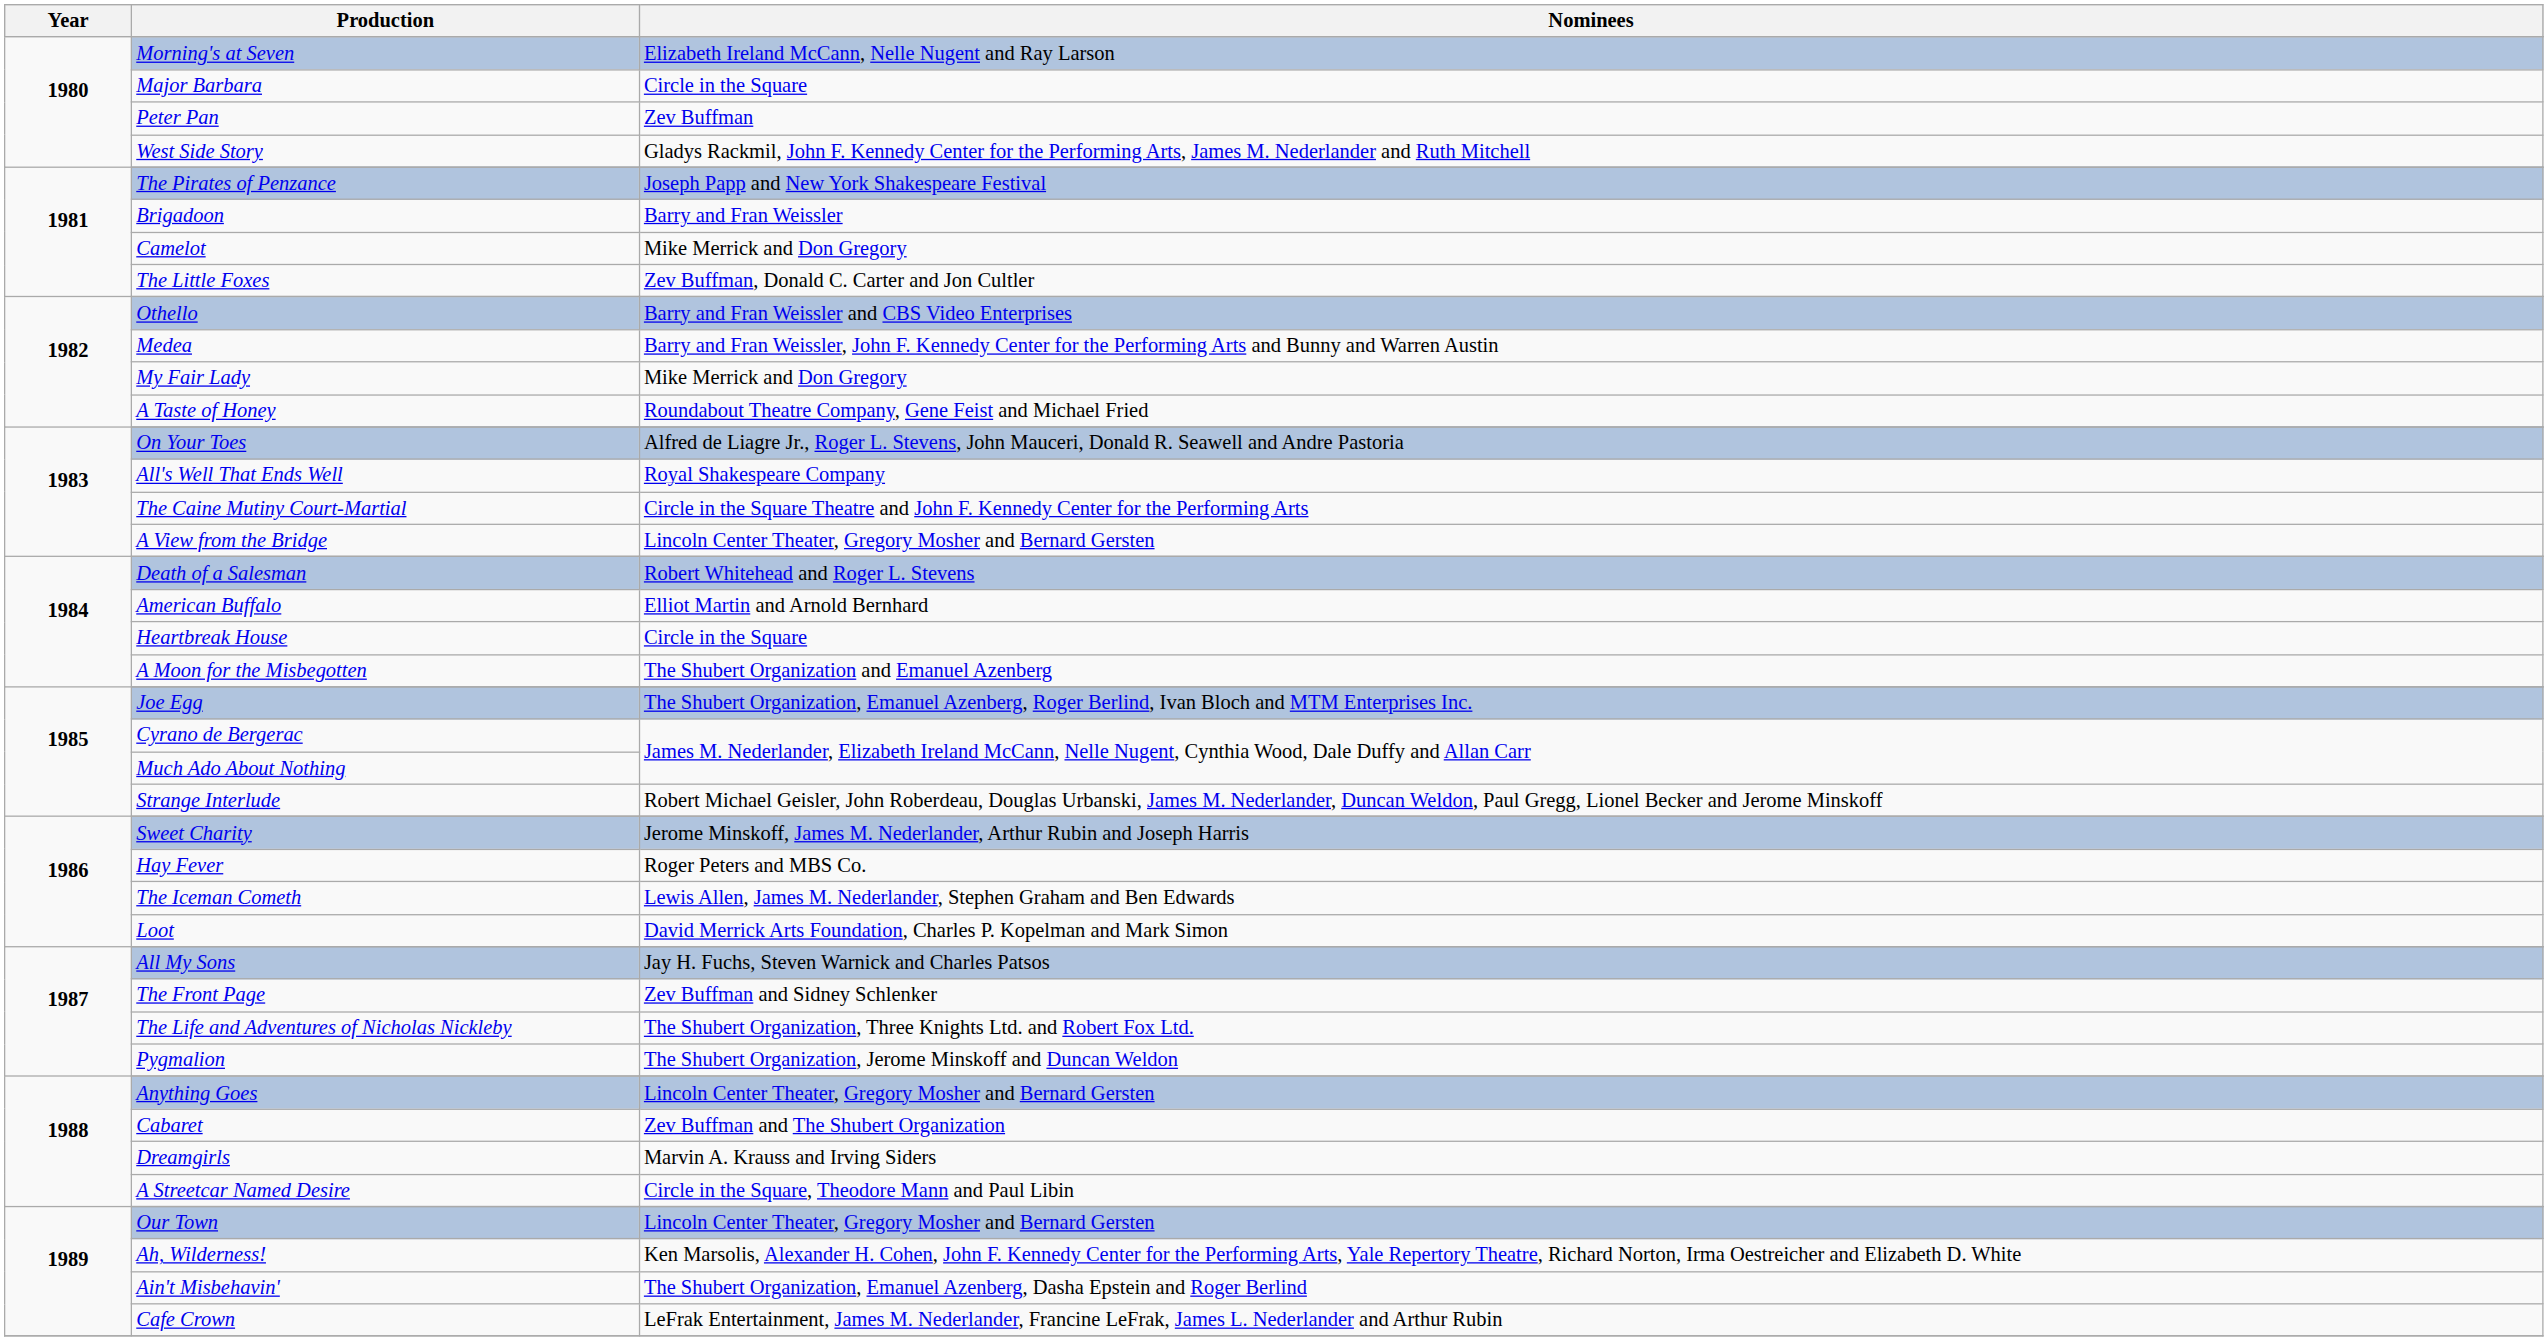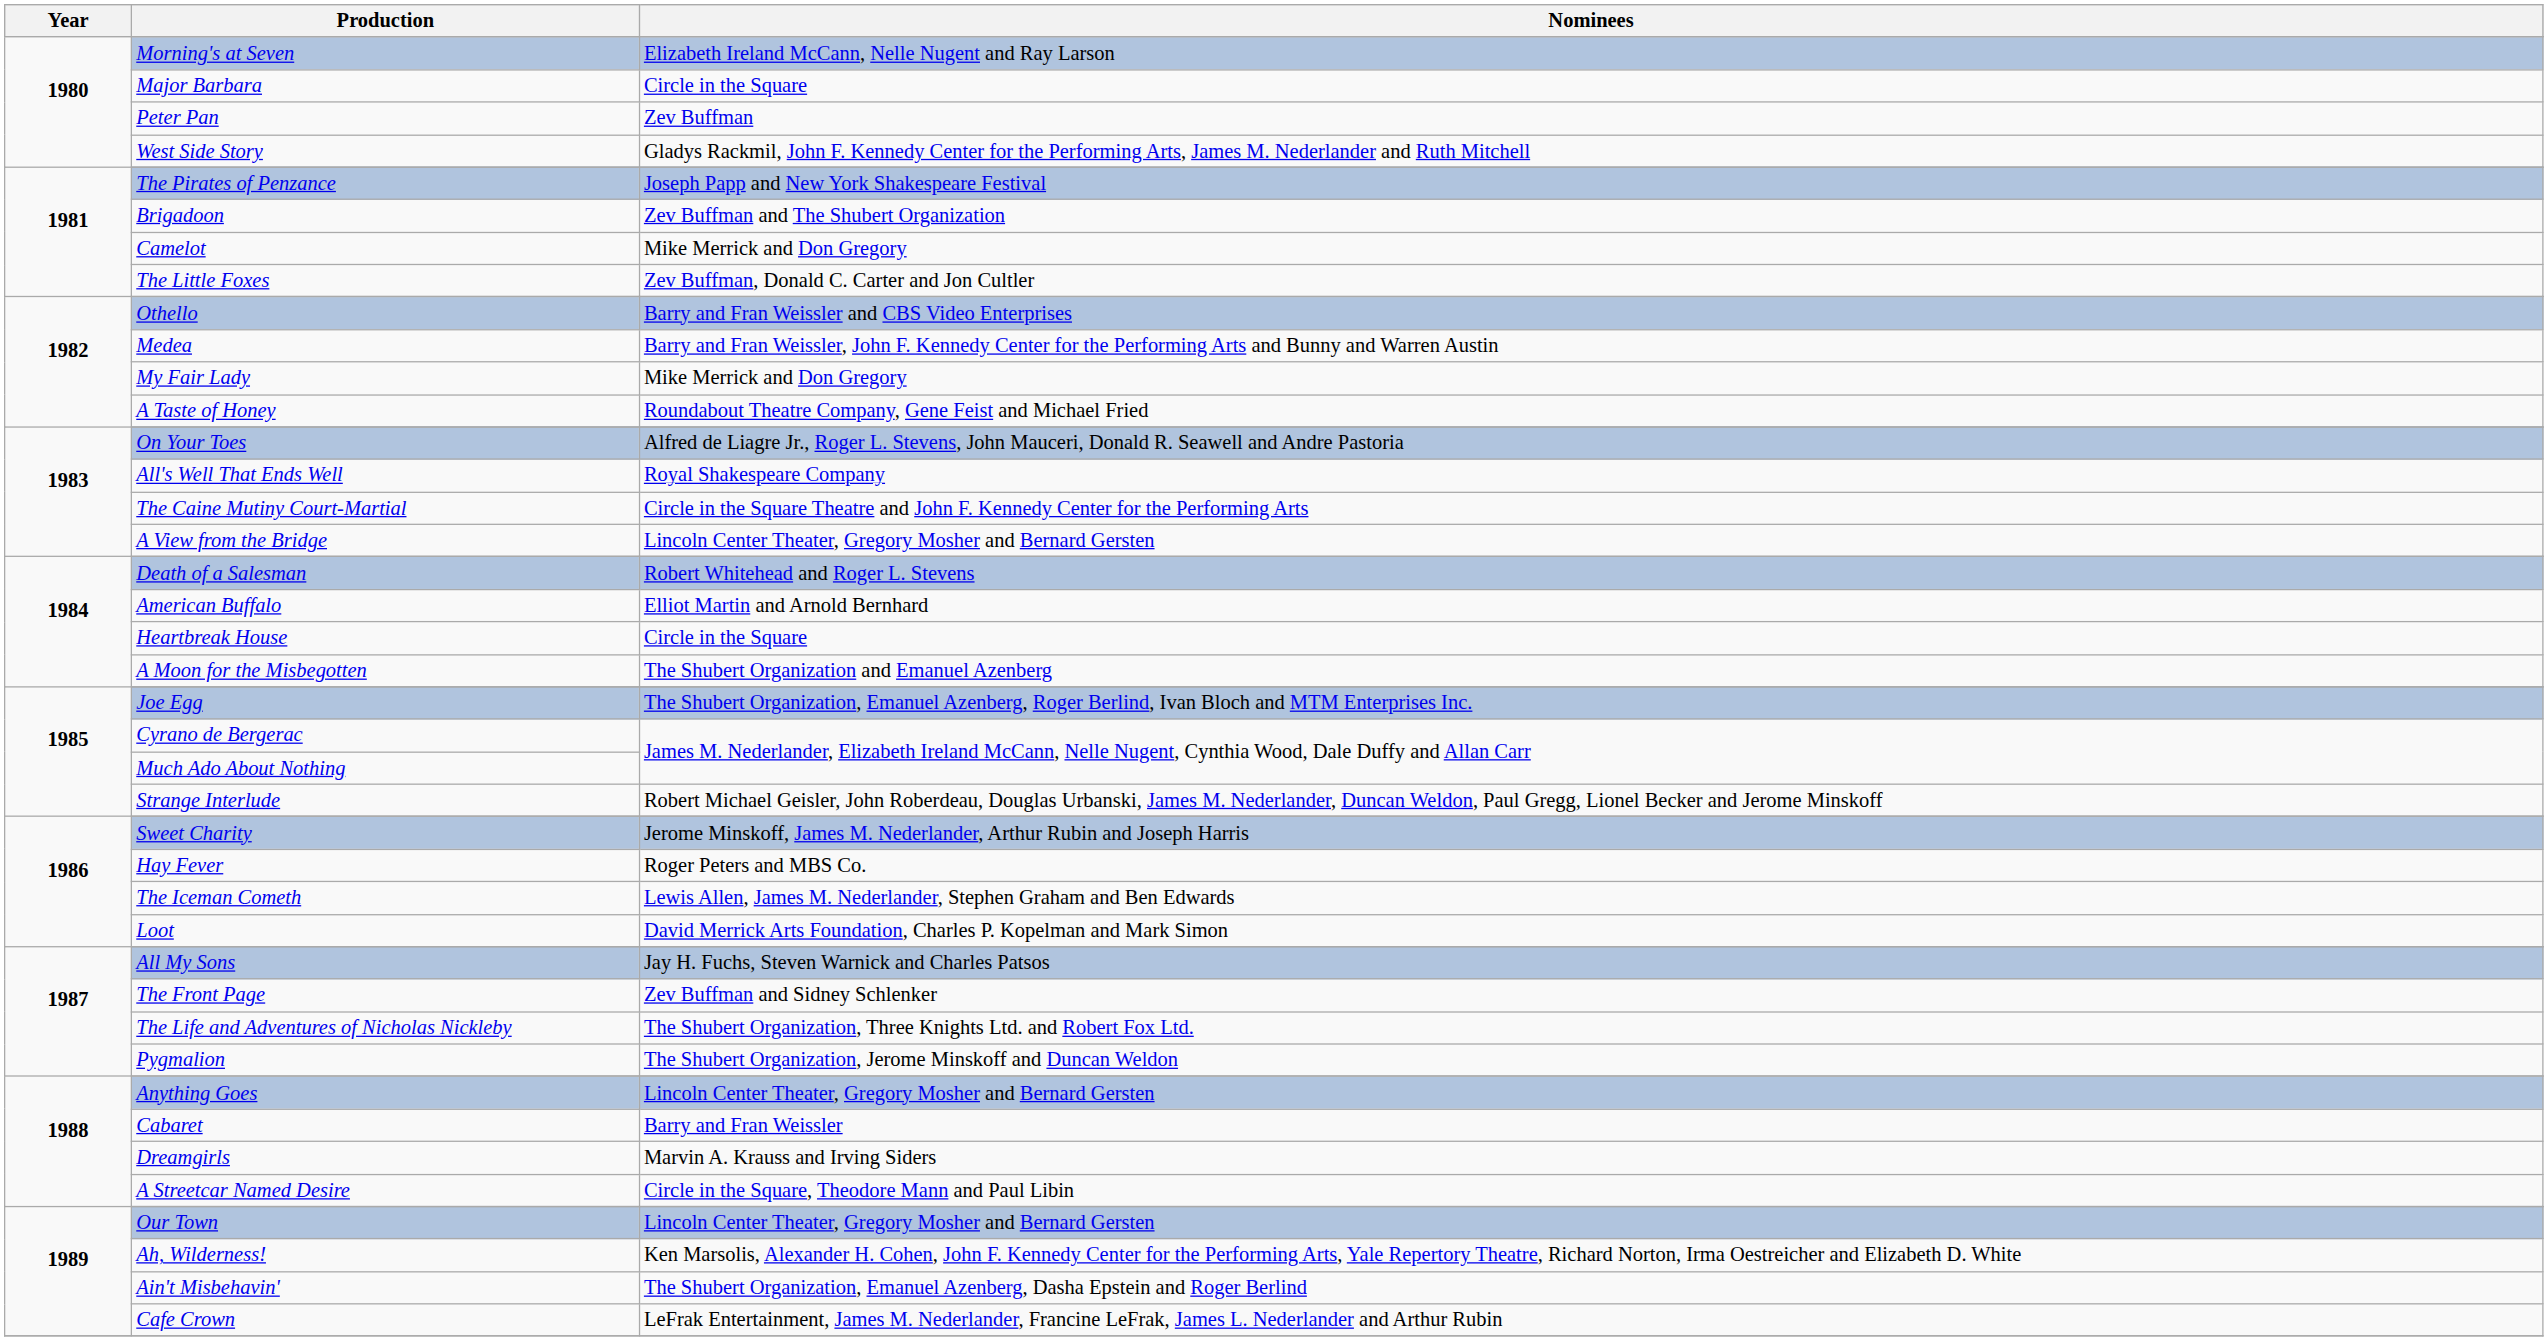 <table class="wikitable" style="width:100%;">
 <tr style="background:#bebebe;">
 <th style="width:5%;">Year</th>
 <th style="width:20%;">Production</th>
 <th style="width:75%;">Nominees</th>
 </tr>
 <tr>
 <td rowspan="5" align="center"><strong>1980</strong><br><br></td>
 </tr>
 <tr style="background:#B0C4DE">
 <td><em><a href='#'>Morning's at Seven</a></em></td>
 <td><a href='#'>Elizabeth Ireland McCann</a>, <a href='#'>Nelle Nugent</a> and Ray Larson</td>
 </tr>
 <tr>
 <td><em><a href='#'>Major Barbara</a></em></td>
 <td><a href='#'>Circle in the Square</a></td>
 </tr>
 <tr>
 <td><em><a href='#'>Peter Pan</a></em></td>
 <td><a href='#'>Zev Buffman</a></td>
 </tr>
 <tr>
 <td><em><a href='#'>West Side Story</a></em></td>
 <td>Gladys Rackmil, <a href='#'>John F. Kennedy Center for the Performing Arts</a>, <a href='#'>James M. Nederlander</a> and <a href='#'>Ruth Mitchell</a></td>
 </tr>
 <tr>
 <td rowspan="5" align="center"><strong>1981</strong><br><br></td>
 </tr>
 <tr style="background:#B0C4DE">
 <td><em><a href='#'>The Pirates of Penzance</a></em></td>
 <td><a href='#'>Joseph Papp</a> and <a href='#'>New York Shakespeare Festival</a></td>
 </tr>
 <tr>
 <td><em><a href='#'>Brigadoon</a></em></td>
-<td><a href='#'>Barry and Fran Weissler</a></td>
+<td><a href='#'>Zev Buffman</a> and <a href='#'>The Shubert Organization</a></td>
 </tr>
 <tr>
 <td><em><a href='#'>Camelot</a></em></td>
 <td>Mike Merrick and <a href='#'>Don Gregory</a></td>
 </tr>
 <tr>
 <td><em><a href='#'>The Little Foxes</a></em></td>
 <td><a href='#'>Zev Buffman</a>, Donald C. Carter and Jon Cultler</td>
 </tr>
 <tr>
 <td rowspan="5" align="center"><strong>1982</strong><br><br></td>
 </tr>
 <tr style="background:#B0C4DE">
 <td><em><a href='#'>Othello</a></em></td>
 <td><a href='#'>Barry and Fran Weissler</a> and <a href='#'>CBS Video Enterprises</a></td>
 </tr>
 <tr>
 <td><em><a href='#'>Medea</a></em></td>
 <td><a href='#'>Barry and Fran Weissler</a>, <a href='#'>John F. Kennedy Center for the Performing Arts</a> and Bunny and Warren Austin</td>
 </tr>
 <tr>
 <td><em><a href='#'>My Fair Lady</a></em></td>
 <td>Mike Merrick and <a href='#'>Don Gregory</a></td>
 </tr>
 <tr>
 <td><em><a href='#'>A Taste of Honey</a></em></td>
 <td><a href='#'>Roundabout Theatre Company</a>, <a href='#'>Gene Feist</a> and Michael Fried</td>
 </tr>
 <tr>
 <td rowspan="5" align="center"><strong>1983</strong><br><br></td>
 </tr>
 <tr style="background:#B0C4DE">
 <td><em><a href='#'>On Your Toes</a></em></td>
 <td>Alfred de Liagre Jr., <a href='#'>Roger L. Stevens</a>, John Mauceri, Donald R. Seawell and Andre Pastoria</td>
 </tr>
 <tr>
 <td><em><a href='#'>All's Well That Ends Well</a></em></td>
 <td><a href='#'>Royal Shakespeare Company</a></td>
 </tr>
 <tr>
 <td><em><a href='#'>The Caine Mutiny Court-Martial</a></em></td>
 <td><a href='#'>Circle in the Square Theatre</a> and <a href='#'>John F. Kennedy Center for the Performing Arts</a></td>
 </tr>
 <tr>
 <td><em><a href='#'>A View from the Bridge</a></em></td>
 <td><a href='#'>Lincoln Center Theater</a>, <a href='#'>Gregory Mosher</a> and <a href='#'>Bernard Gersten</a></td>
 </tr>
 <tr>
 <td rowspan="5" align="center"><strong>1984</strong><br><br></td>
 </tr>
 <tr style="background:#B0C4DE">
 <td><em><a href='#'>Death of a Salesman</a></em></td>
 <td><a href='#'>Robert Whitehead</a> and <a href='#'>Roger L. Stevens</a></td>
 </tr>
 <tr>
 <td><em><a href='#'>American Buffalo</a></em></td>
 <td><a href='#'>Elliot Martin</a> and Arnold Bernhard</td>
 </tr>
 <tr>
 <td><em><a href='#'>Heartbreak House</a></em></td>
 <td><a href='#'>Circle in the Square</a></td>
 </tr>
 <tr>
 <td><em><a href='#'>A Moon for the Misbegotten</a></em></td>
 <td><a href='#'>The Shubert Organization</a> and <a href='#'>Emanuel Azenberg</a></td>
 </tr>
 <tr>
 <td rowspan="5" align="center"><strong>1985</strong><br><br></td>
 </tr>
 <tr style="background:#B0C4DE">
 <td><em><a href='#'>Joe Egg</a></em></td>
 <td><a href='#'>The Shubert Organization</a>, <a href='#'>Emanuel Azenberg</a>, <a href='#'>Roger Berlind</a>, Ivan Bloch and <a href='#'>MTM Enterprises Inc.</a></td>
 </tr>
 <tr>
 <td><em><a href='#'>Cyrano de Bergerac</a></em></td>
 <td rowspan=2><a href='#'>James M. Nederlander</a>, <a href='#'>Elizabeth Ireland McCann</a>, <a href='#'>Nelle Nugent</a>, Cynthia Wood, Dale Duffy and <a href='#'>Allan Carr</a></td>
 </tr>
 <tr>
 <td><em><a href='#'>Much Ado About Nothing</a></em></td>
 </tr>
 <tr>
 <td><em><a href='#'>Strange Interlude</a></em></td>
 <td>Robert Michael Geisler, John Roberdeau, Douglas Urbanski, <a href='#'>James M. Nederlander</a>, <a href='#'>Duncan Weldon</a>, Paul Gregg, Lionel Becker and Jerome Minskoff</td>
 </tr>
 <tr>
 <td rowspan="5" align="center"><strong>1986</strong><br><br></td>
 </tr>
 <tr style="background:#B0C4DE">
 <td><em><a href='#'>Sweet Charity</a></em></td>
 <td>Jerome Minskoff, <a href='#'>James M. Nederlander</a>, Arthur Rubin and Joseph Harris</td>
 </tr>
 <tr>
 <td><em><a href='#'>Hay Fever</a></em></td>
 <td>Roger Peters and MBS Co.</td>
 </tr>
 <tr>
 <td><em><a href='#'>The Iceman Cometh</a></em></td>
 <td><a href='#'>Lewis Allen</a>, <a href='#'>James M. Nederlander</a>, Stephen Graham and Ben Edwards</td>
 </tr>
 <tr>
 <td><em><a href='#'>Loot</a></em></td>
 <td><a href='#'>David Merrick Arts Foundation</a>, Charles P. Kopelman and Mark Simon</td>
 </tr>
 <tr>
 <td rowspan="5" align="center"><strong>1987</strong><br><br></td>
 </tr>
 <tr style="background:#B0C4DE">
 <td><em><a href='#'>All My Sons</a></em></td>
 <td>Jay H. Fuchs, Steven Warnick and Charles Patsos</td>
 </tr>
 <tr>
 <td><em><a href='#'>The Front Page</a></em></td>
 <td><a href='#'>Zev Buffman</a> and Sidney Schlenker</td>
 </tr>
 <tr>
 <td><em><a href='#'>The Life and Adventures of Nicholas Nickleby</a></em></td>
 <td><a href='#'>The Shubert Organization</a>, Three Knights Ltd. and <a href='#'>Robert Fox Ltd.</a></td>
 </tr>
 <tr>
 <td><em><a href='#'>Pygmalion</a></em></td>
 <td><a href='#'>The Shubert Organization</a>, Jerome Minskoff and <a href='#'>Duncan Weldon</a></td>
 </tr>
 <tr>
 <td rowspan="5" style="text-align:center"><strong>1988</strong><br><br></td>
 </tr>
 <tr style="background:#B0C4DE">
 <td><em><a href='#'>Anything Goes</a></em></td>
 <td><a href='#'>Lincoln Center Theater</a>, <a href='#'>Gregory Mosher</a> and <a href='#'>Bernard Gersten</a></td>
 </tr>
 <tr>
 <td><em><a href='#'>Cabaret</a></em></td>
-<td><a href='#'>Zev Buffman</a> and <a href='#'>The Shubert Organization</a></td>
+<td><a href='#'>Barry and Fran Weissler</a></td>
 </tr>
 <tr>
 <td><em><a href='#'>Dreamgirls</a></em></td>
 <td>Marvin A. Krauss and Irving Siders</td>
 </tr>
 <tr>
 <td><em><a href='#'>A Streetcar Named Desire</a></em></td>
 <td><a href='#'>Circle in the Square</a>, <a href='#'>Theodore Mann</a> and Paul Libin</td>
 </tr>
 <tr>
 <td rowspan="5" align="center"><strong>1989</strong><br><br></td>
 </tr>
 <tr style="background:#B0C4DE">
 <td><em><a href='#'>Our Town</a></em></td>
 <td><a href='#'>Lincoln Center Theater</a>, <a href='#'>Gregory Mosher</a> and <a href='#'>Bernard Gersten</a></td>
 </tr>
 <tr>
 <td><em><a href='#'>Ah, Wilderness!</a></em></td>
 <td>Ken Marsolis, <a href='#'>Alexander H. Cohen</a>, <a href='#'>John F. Kennedy Center for the Performing Arts</a>, <a href='#'>Yale Repertory Theatre</a>, Richard Norton, Irma Oestreicher and Elizabeth D. White</td>
 </tr>
 <tr>
 <td><em><a href='#'>Ain't Misbehavin'</a></em></td>
 <td><a href='#'>The Shubert Organization</a>, <a href='#'>Emanuel Azenberg</a>, Dasha Epstein and <a href='#'>Roger Berlind</a></td>
 </tr>
 <tr>
 <td><em><a href='#'>Cafe Crown</a></em></td>
 <td>LeFrak Entertainment, <a href='#'>James M. Nederlander</a>, Francine LeFrak, <a href='#'>James L. Nederlander</a> and Arthur Rubin</td>
 </tr>
 <tr>
 </tr>
 </table>
